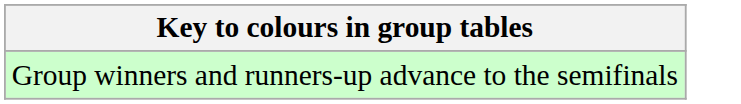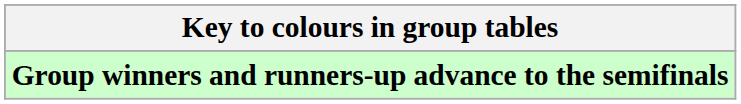 <table class="wikitable">
 <tr>
 <th>Key to colours in group tables</th>
 </tr>
 <tr bgcolor="#ccffcc">
-<td>Group winners and runners-up advance to the semifinals</td>
+<td><strong>Group winners and runners-up advance to the semifinals</strong></td>
 </tr>
 </table>
